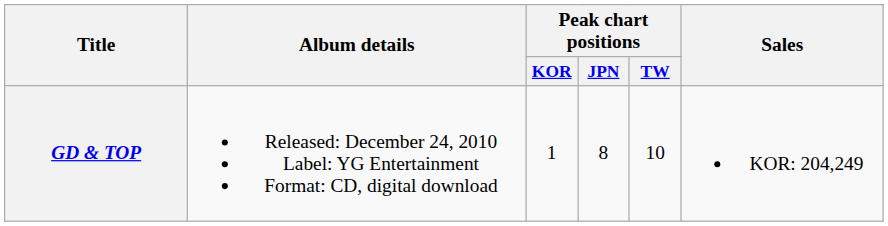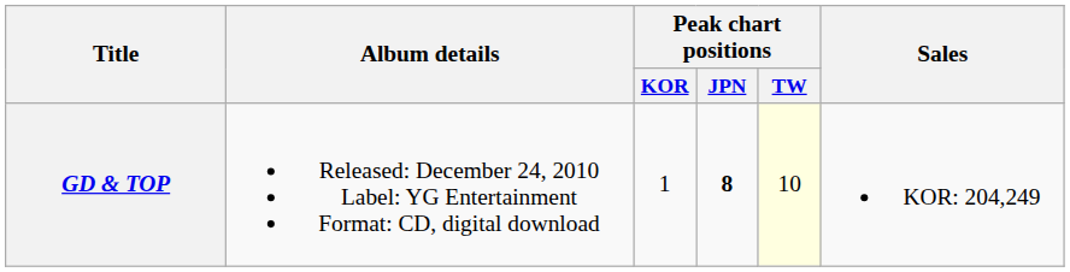 <table class="wikitable plainrowheaders" style="text-align:center;">
 <tr>
 <th rowspan="2" style="width:9em;">Title</th>
 <th rowspan="2" style="width:17em;">Album details</th>
 <th colspan="3">Peak chart positions</th>
 <th rowspan="2" style="width:10em;">Sales</th>
 </tr>
 <tr>
 <th style="width:2.5em;font-size:90%;"><a href='#'>KOR</a><br></th>
 <th scope="col" style="width:2.5em;font-size:90%;"><a href='#'>JPN</a><br></th>
 <th scope="col" style="width:2.5em;font-size:90%;"><a href='#'>TW</a><br></th>
 </tr>
 <tr>
 <th scope="row"><em><a href='#'>GD & TOP</a></em></th>
 <td><br><ul><li>Released: December 24, 2010</li><li>Label: YG Entertainment</li><li>Format: CD, digital download</li></ul></td>
 <td>1</td>
-<td>8</td>
-<td>10</td>
+<td><strong>8</strong></td>
+<td style="background: lightyellow;">10</td>
 <td><br><ul><li>KOR: 204,249</li></ul></td>
 </tr>
 </table>
